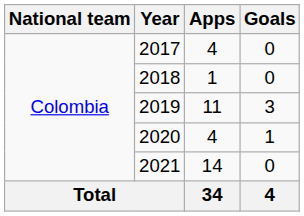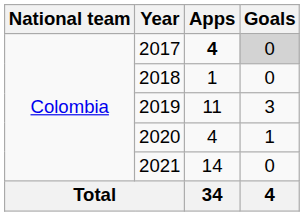 <table class="wikitable" style="text-align:center">
 <tr>
 <th>National team</th>
 <th>Year</th>
 <th>Apps</th>
 <th>Goals</th>
 </tr>
 <tr>
 <td rowspan="5"><a href='#'>Colombia</a></td>
 <td>2017</td>
-<td>4</td>
-<td>0</td>
+<td><strong>4</strong></td>
+<td style="background: lightgrey;">0</td>
 </tr>
 <tr>
 <td>2018</td>
 <td>1</td>
 <td>0</td>
 </tr>
 <tr>
 <td>2019</td>
 <td>11</td>
 <td>3</td>
 </tr>
 <tr>
 <td>2020</td>
 <td>4</td>
 <td>1</td>
 </tr>
 <tr>
 <td>2021</td>
 <td>14</td>
 <td>0</td>
 </tr>
 <tr>
 <th colspan="2">Total</th>
 <th>34</th>
 <th>4</th>
 </tr>
 </table>
